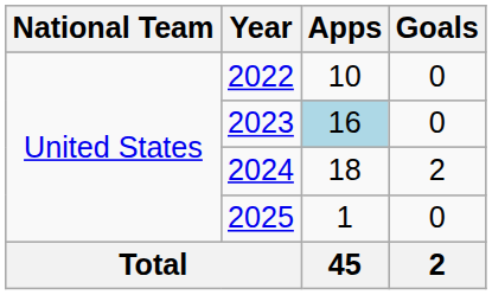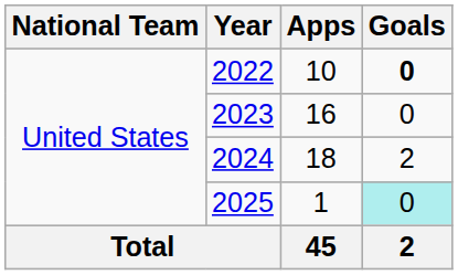 <table class="wikitable" style="text-align:center">
 <tr>
 <th>National Team</th>
 <th>Year</th>
 <th>Apps</th>
 <th>Goals</th>
 </tr>
 <tr>
 <td rowspan="4"><a href='#'>United States</a></td>
 <td><a href='#'>2022</a></td>
 <td>10</td>
-<td>0</td>
+<td><strong>0</strong></td>
 </tr>
 <tr>
 <td><a href='#'>2023</a></td>
-<td style="background: lightblue;">16</td>
+<td>16</td>
 <td>0</td>
 </tr>
 <tr>
 <td><a href='#'>2024</a></td>
 <td>18</td>
 <td>2</td>
 </tr>
 <tr>
 <td><a href='#'>2025</a></td>
 <td>1</td>
-<td>0</td>
+<td style="background: paleturquoise;">0</td>
 </tr>
 <tr>
 <th colspan="2">Total</th>
 <th>45</th>
 <th>2</th>
 </tr>
 </table>
